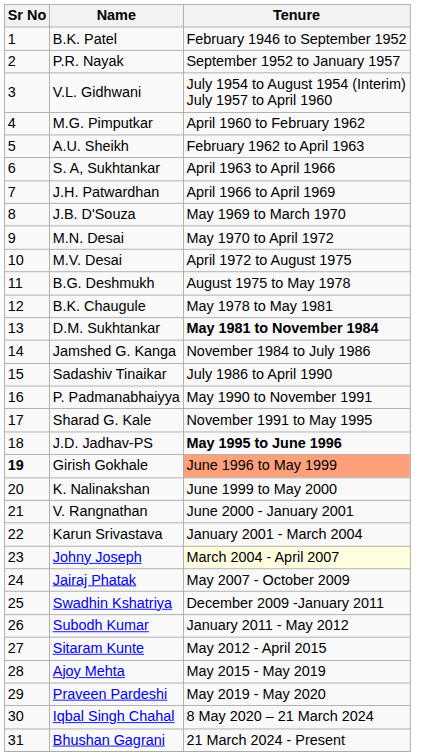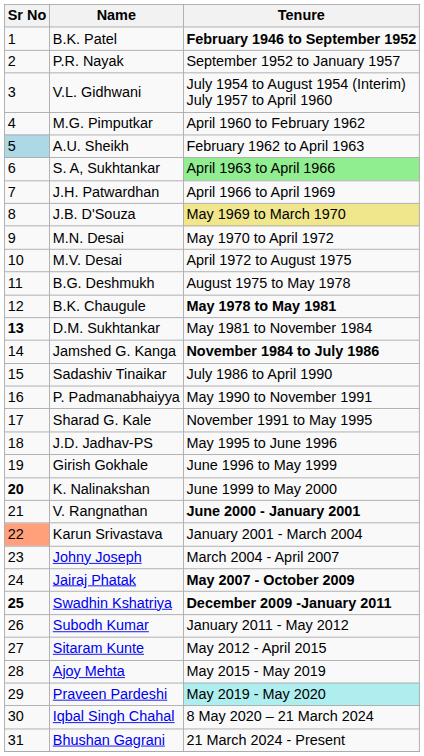 <table class="wikitable sortable">
 <tr>
 <th>Sr No</th>
 <th>Name</th>
 <th>Tenure</th>
 </tr>
 <tr>
 <td>1</td>
 <td>B.K. Patel</td>
-<td>February 1946 to September 1952</td>
+<td><strong>February 1946 to September 1952</strong></td>
 </tr>
 <tr>
 <td>2</td>
 <td>P.R. Nayak</td>
 <td>September 1952 to January 1957</td>
 </tr>
 <tr>
 <td>3</td>
 <td>V.L. Gidhwani</td>
 <td>July 1954 to August 1954 (Interim)<br>July 1957 to April 1960</td>
 </tr>
 <tr>
 <td>4</td>
 <td>M.G. Pimputkar</td>
 <td>April 1960 to February 1962</td>
 </tr>
 <tr>
-<td>5</td>
+<td style="background: lightblue;">5</td>
 <td>A.U. Sheikh</td>
 <td>February 1962 to April 1963</td>
 </tr>
 <tr>
 <td>6</td>
 <td>S. A, Sukhtankar</td>
-<td>April 1963 to April 1966</td>
+<td style="background: lightgreen;">April 1963 to April 1966</td>
 </tr>
 <tr>
 <td>7</td>
 <td>J.H. Patwardhan</td>
 <td>April 1966 to April 1969</td>
 </tr>
 <tr>
 <td>8</td>
 <td>J.B. D'Souza</td>
-<td>May 1969 to March 1970</td>
+<td style="background: khaki;">May 1969 to March 1970</td>
 </tr>
 <tr>
 <td>9</td>
 <td>M.N. Desai</td>
 <td>May 1970 to April 1972</td>
 </tr>
 <tr>
 <td>10</td>
 <td>M.V. Desai</td>
 <td>April 1972 to August 1975</td>
 </tr>
 <tr>
 <td>11</td>
 <td>B.G. Deshmukh</td>
 <td>August 1975 to May 1978</td>
 </tr>
 <tr>
 <td>12</td>
 <td>B.K. Chaugule</td>
-<td>May 1978 to May 1981</td>
+<td><strong>May 1978 to May 1981</strong></td>
 </tr>
 <tr>
-<td>13</td>
+<td><strong>13</strong></td>
 <td>D.M. Sukhtankar</td>
-<td><strong>May 1981 to November 1984</strong></td>
+<td>May 1981 to November 1984</td>
 </tr>
 <tr>
 <td>14</td>
 <td>Jamshed G. Kanga</td>
-<td>November 1984 to July 1986</td>
+<td><strong>November 1984 to July 1986</strong></td>
 </tr>
 <tr>
 <td>15</td>
 <td>Sadashiv Tinaikar</td>
 <td>July 1986 to April 1990</td>
 </tr>
 <tr>
 <td>16</td>
 <td>P. Padmanabhaiyya</td>
 <td>May 1990 to November 1991</td>
 </tr>
 <tr>
 <td>17</td>
 <td>Sharad G. Kale</td>
 <td>November 1991 to May 1995</td>
 </tr>
 <tr>
 <td>18</td>
 <td>J.D. Jadhav-PS</td>
-<td><strong>May 1995 to June 1996</strong></td>
+<td>May 1995 to June 1996</td>
 </tr>
 <tr>
-<td><strong>19</strong></td>
+<td>19</td>
 <td>Girish Gokhale</td>
-<td style="background: lightsalmon;">June 1996 to May 1999</td>
+<td>June 1996 to May 1999</td>
 </tr>
 <tr>
-<td>20</td>
+<td><strong>20</strong></td>
 <td>K. Nalinakshan</td>
 <td>June 1999 to May 2000</td>
 </tr>
 <tr>
 <td>21</td>
 <td>V. Rangnathan</td>
-<td>June 2000 - January 2001</td>
+<td><strong>June 2000 - January 2001</strong></td>
 </tr>
 <tr>
-<td>22</td>
+<td style="background: lightsalmon;">22</td>
 <td>Karun Srivastava</td>
 <td>January 2001 - March 2004</td>
 </tr>
 <tr>
 <td>23</td>
 <td><a href='#'>Johny Joseph</a></td>
-<td style="background: lightyellow;">March 2004 -  April 2007</td>
+<td>March 2004 -  April 2007</td>
 </tr>
 <tr>
 <td>24</td>
 <td><a href='#'>Jairaj Phatak</a></td>
-<td>May 2007 - October 2009</td>
+<td><strong>May 2007 - October 2009</strong></td>
 </tr>
 <tr>
-<td>25</td>
+<td><strong>25</strong></td>
 <td><a href='#'>Swadhin Kshatriya</a></td>
-<td>December 2009 -January 2011</td>
+<td><strong>December 2009 -January 2011</strong></td>
 </tr>
 <tr>
 <td>26</td>
 <td><a href='#'>Subodh Kumar</a></td>
 <td>January 2011 - May 2012</td>
 </tr>
 <tr>
 <td>27</td>
 <td><a href='#'>Sitaram Kunte</a></td>
 <td>May 2012 - April 2015</td>
 </tr>
 <tr>
 <td>28</td>
 <td><a href='#'>Ajoy Mehta</a></td>
 <td>May 2015 - May 2019</td>
 </tr>
 <tr>
 <td>29</td>
 <td><a href='#'>Praveen Pardeshi</a></td>
-<td>May 2019 - May 2020</td>
+<td style="background: paleturquoise;">May 2019 - May 2020</td>
 </tr>
 <tr>
 <td>30</td>
 <td><a href='#'>Iqbal Singh Chahal</a></td>
 <td>8 May 2020 – 21 March 2024</td>
 </tr>
 <tr>
 <td>31</td>
 <td><a href='#'>Bhushan Gagrani</a></td>
 <td>21 March 2024 - Present</td>
 </tr>
 <tr>
 </tr>
 </table>
